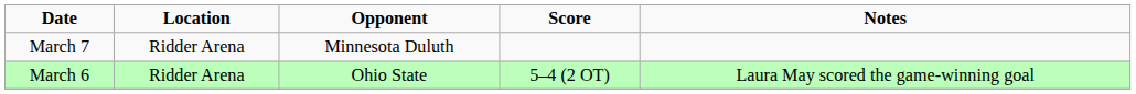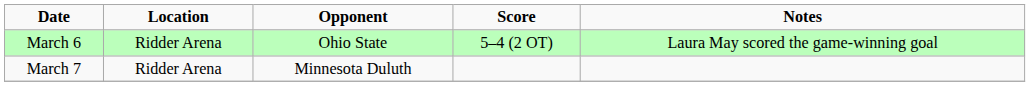 <table class="wikitable" width="80%" style="text-align:center;">
 <tr align="center">
 <td><strong>Date</strong></td>
 <td><strong>Location</strong></td>
 <td><strong>Opponent</strong></td>
 <td><strong>Score</strong></td>
 <td><strong>Notes</strong></td>
+</tr>
+<tr align="center" bgcolor="#bbffbb">
+<td>March 6</td>
+<td>Ridder Arena</td>
+<td>Ohio State</td>
+<td>5–4 (2 OT)</td>
+<td>Laura May scored the game-winning goal</td>
 </tr>
 <tr align="center" bgcolor="">
 <td>March 7</td>
 <td>Ridder Arena</td>
 <td>Minnesota Duluth</td>
 <td></td>
 <td></td>
 </tr>
 <tr align="center" bgcolor="#bbffbb">
-<td>March 6</td>
-<td>Ridder Arena</td>
-<td>Ohio State</td>
-<td>5–4 (2 OT)</td>
-<td>Laura May scored the game-winning goal</td>
-</tr>
-<tr align="center" bgcolor="#bbffbb">
 </tr>
 </table>
